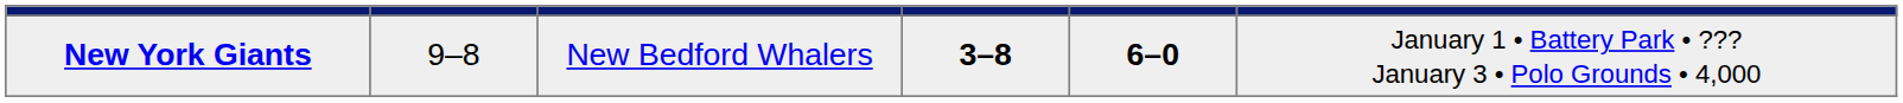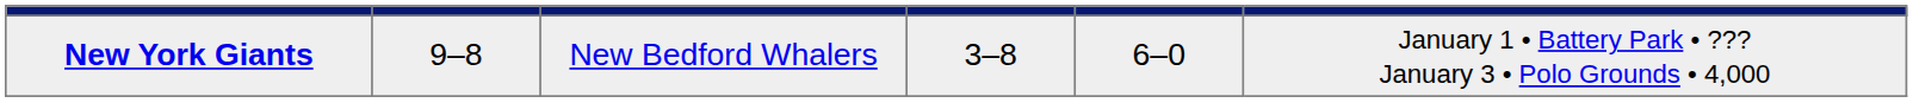 <table style=border-collapse:collapse border=1 cellspacing=0 cellpadding=2>
 <tr align=center bgcolor=#071871>
 <th width=180></th>
 <th width=80></th>
 <th width=180></th>
 <th width=80></th>
 <th width=80></th>
 <td width=330></td>
 </tr>
 <tr align=center bgcolor=#efefef>
 <td align=center><strong><a href='#'>New York Giants</a></strong></td>
 <td>9–8</td>
 <td align=center><a href='#'>New Bedford Whalers</a></td>
-<td><strong>3–8</strong></td>
-<td><strong>6–0</strong></td>
+<td>3–8</td>
+<td>6–0</td>
 <td><small>January 1 •  <a href='#'>Battery Park</a> • ???<br>January 3 • <a href='#'>Polo Grounds</a> • 4,000</small></td>
 </tr>
 </table>
